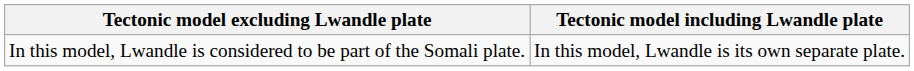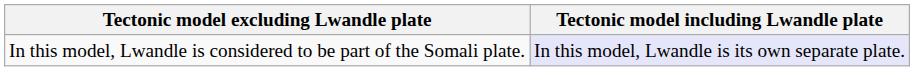 <table class="wikitable">
 <tr>
 <th>Tectonic model excluding Lwandle plate</th>
 <th>Tectonic model including Lwandle plate</th>
 </tr>
 <tr>
 <td>In this model, Lwandle is considered to be part of the Somali plate.<br></td>
-<td>In this model, Lwandle is its own separate plate.<br></td>
+<td style="background: lavender;">In this model, Lwandle is its own separate plate.<br></td>
 </tr>
 </table>
